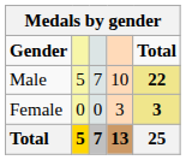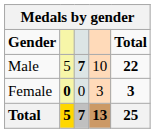 <table class="wikitable" style="text-align:center;font-size:90%">
 <tr style="background:#efefef;">
 <th colspan=7><strong>Medals by gender</strong></th>
 </tr>
 <tr>
 <td><strong>Gender</strong></td>
 <td bgcolor=#f7f6a8></td>
 <td bgcolor=#dce5e5></td>
 <td bgcolor=#ffdab9></td>
 <td><strong>Total</strong></td>
 </tr>
 <tr>
 <td style="text-align:left;">Male</td>
 <td style="background:#F7F6A8;">5</td>
-<td style="background:#DCE5E5;">7</td>
+<td style="background:#DCE5E5;"><strong>7</strong></td>
 <td style="background:#FFDAB9;">10</td>
-<td style="background: khaki;"><strong>22</strong></td>
+<td><strong>22</strong></td>
 </tr>
 <tr>
 <td style="text-align:left;">Female</td>
-<td style="background:#F7F6A8;">0</td>
+<td style="background:#F7F6A8;"><strong>0</strong></td>
 <td style="background:#DCE5E5;">0</td>
 <td style="background:#FFDAB9;">3</td>
-<td style="background: khaki;"><strong>3</strong></td>
+<td><strong>3</strong></td>
 </tr>
 <tr>
 <th style="text-align:left;"><strong>Total</strong></th>
 <th style="background:gold;"><strong>5</strong></th>
 <th style="background:silver;"><strong>7</strong></th>
 <th style="background:#c96;"><strong>13</strong></th>
 <th><strong>25</strong></th>
 </tr>
 </table>
